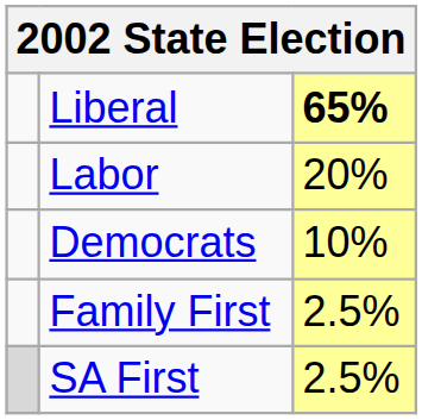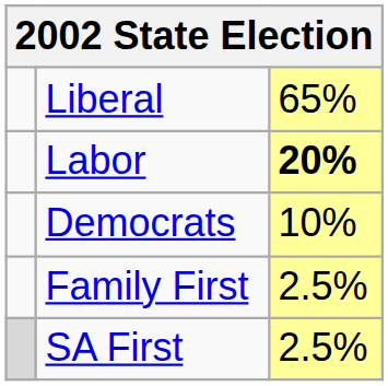 <table class="wikitable" style="float:right; margin-left:1em">
 <tr>
 <th colspan="3">2002 State Election</th>
 </tr>
 <tr>
 <td> </td>
 <td><a href='#'>Liberal</a></td>
-<td bgcolor="FFFF99"><strong>65%</strong></td>
+<td bgcolor="FFFF99">65%</td>
 </tr>
 <tr>
 <td> </td>
 <td><a href='#'>Labor</a></td>
-<td bgcolor="FFFF99">20%</td>
+<td bgcolor="FFFF99"><strong>20%</strong></td>
 </tr>
 <tr>
 <td> </td>
 <td><a href='#'>Democrats</a></td>
 <td bgcolor="FFFF99">10%</td>
 </tr>
 <tr>
 <td> </td>
 <td><a href='#'>Family First</a></td>
 <td bgcolor="FFFF99">2.5%</td>
 </tr>
 <tr>
 <td bgcolor="#D8D8D8"> </td>
 <td><a href='#'>SA First</a></td>
 <td bgcolor="FFFF99">2.5%</td>
 </tr>
 </table>
